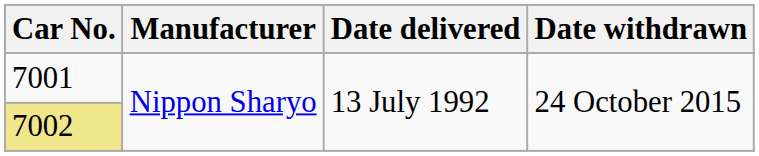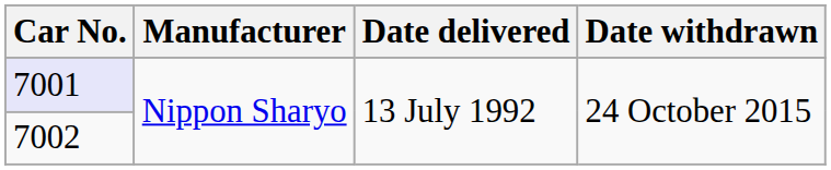 <table class="wikitable">
 <tr>
 <th>Car No.</th>
 <th>Manufacturer</th>
 <th>Date delivered</th>
 <th>Date withdrawn</th>
 </tr>
 <tr>
-<td>7001</td>
+<td style="background: lavender;">7001</td>
 <td rowspan=2><a href='#'>Nippon Sharyo</a></td>
 <td rowspan=2>13 July 1992</td>
 <td rowspan=2>24 October 2015</td>
 </tr>
 <tr>
-<td style="background: khaki;">7002</td>
+<td>7002</td>
 </tr>
 </table>
